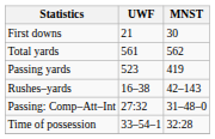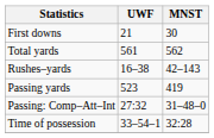 <table class="wikitable" style="float: left;">
 <tr>
 <th>Statistics</th>
 <th>UWF</th>
 <th>MNST</th>
 </tr>
 <tr>
 <td>First downs</td>
 <td>21</td>
 <td>30</td>
 </tr>
 <tr>
 <td>Total yards</td>
 <td>561</td>
 <td>562</td>
 </tr>
 <tr>
+<td>Rushes–yards</td>
+<td>16–38</td>
+<td>42–143</td>
+</tr>
+<tr>
 <td>Passing yards</td>
 <td>523</td>
 <td>419</td>
-</tr>
-<tr>
-<td>Rushes–yards</td>
-<td>16–38</td>
-<td>42–143</td>
 </tr>
 <tr>
 <td>Passing: Comp–Att–Int</td>
 <td>27:32</td>
 <td>31–48–0</td>
 </tr>
 <tr>
 <td>Time of possession</td>
 <td>33–54–1</td>
 <td>32:28</td>
 </tr>
 <tr>
 </tr>
 </table>
